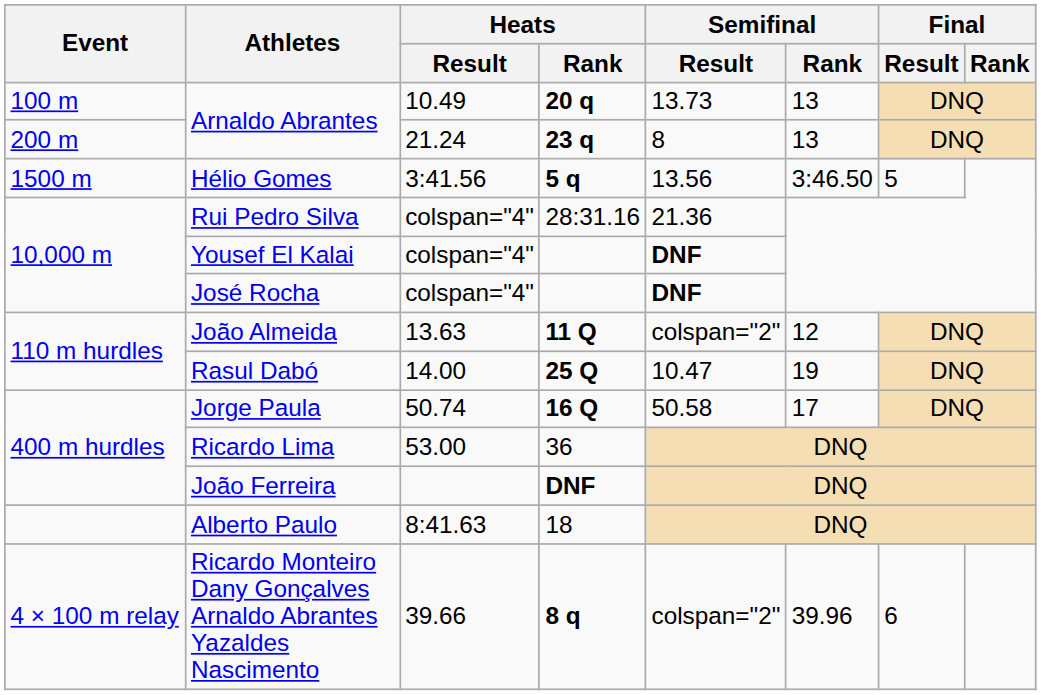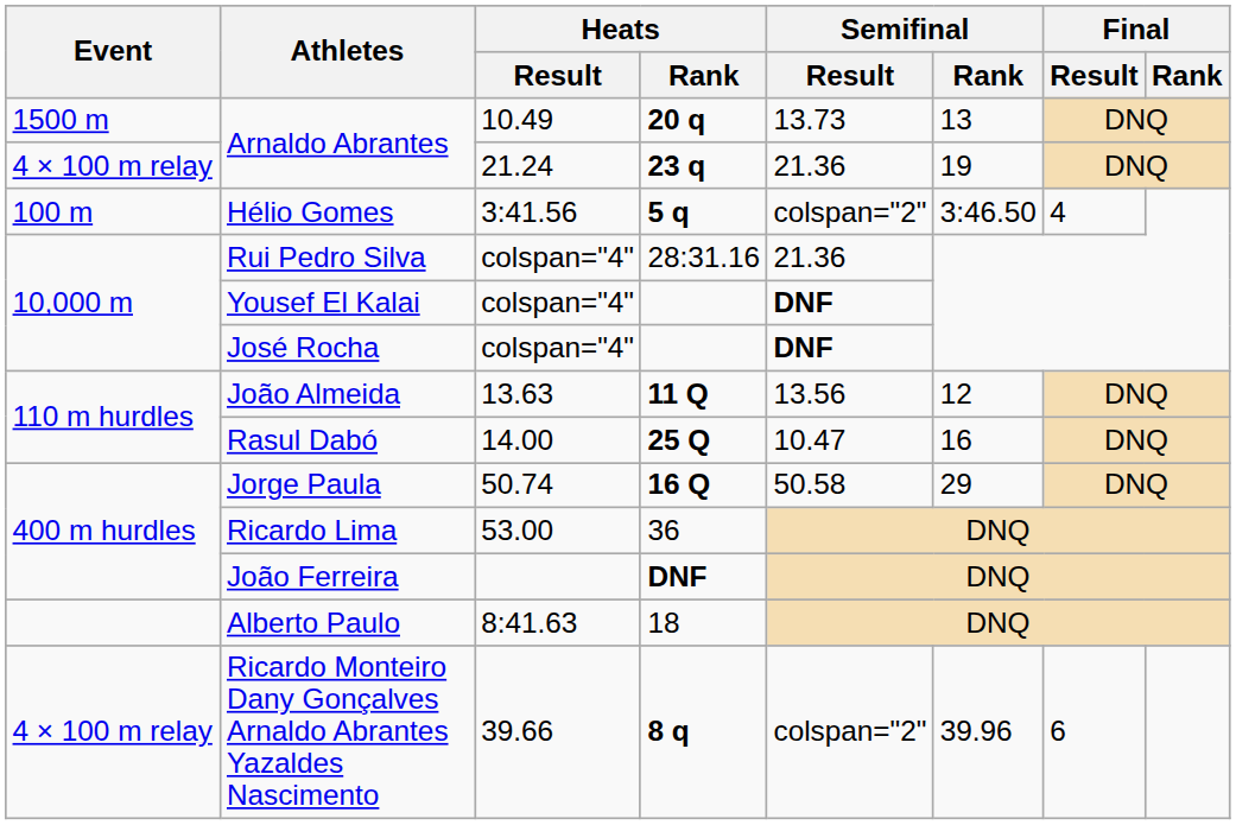 <table class="wikitable" border="1" style="font-size:90%">
 <tr>
 <th rowspan="2" width=100>Event</th>
 <th rowspan="2" width=120>Athletes</th>
 <th colspan="2">Heats</th>
 <th colspan="2">Semifinal</th>
 <th colspan="2">Final</th>
 </tr>
 <tr>
 <th>Result</th>
 <th>Rank</th>
 <th>Result</th>
 <th>Rank</th>
 <th>Result</th>
 <th>Rank</th>
 </tr>
 <tr>
-<td><a href='#'>100 m</a></td>
+<td><a href='#'>1500 m</a></td>
 <td rowspan="2"><a href='#'>Arnaldo Abrantes</a></td>
 <td>10.49</td>
 <td><strong>20 q</strong></td>
 <td>13.73</td>
 <td>13</td>
 <td colspan="2" align=center bgcolor="wheat">DNQ</td>
 </tr>
 <tr>
-<td><a href='#'>200 m</a></td>
+<td><a href='#'>4 × 100 m relay</a></td>
 <td>21.24</td>
 <td><strong>23 q</strong></td>
-<td>8</td>
-<td>13</td>
+<td>21.36</td>
+<td>19</td>
 <td colspan="2" align=center bgcolor="wheat">DNQ</td>
 </tr>
 <tr>
-<td><a href='#'>1500 m</a></td>
+<td><a href='#'>100 m</a></td>
 <td><a href='#'>Hélio Gomes</a></td>
 <td>3:41.56</td>
 <td><strong>5 q</strong></td>
-<td>13.56</td>
+<td>colspan="2" </td>
 <td>3:46.50</td>
-<td>5</td>
+<td>4</td>
 </tr>
 <tr>
 <td rowspan="3"><a href='#'>10,000 m</a></td>
 <td><a href='#'>Rui Pedro Silva</a></td>
 <td>colspan="4" </td>
 <td>28:31.16</td>
 <td>21.36</td>
 </tr>
 <tr>
 <td><a href='#'>Yousef El Kalai</a></td>
 <td>colspan="4" </td>
 <td></td>
 <td><strong>DNF</strong></td>
 </tr>
 <tr>
 <td><a href='#'>José Rocha</a></td>
 <td>colspan="4" </td>
 <td></td>
 <td><strong>DNF</strong></td>
 </tr>
 <tr>
 <td rowspan="2"><a href='#'>110 m hurdles</a></td>
 <td><a href='#'>João Almeida</a></td>
 <td>13.63</td>
 <td><strong>11 Q</strong></td>
-<td>colspan="2" </td>
+<td>13.56</td>
 <td>12</td>
 <td colspan="2" align=center bgcolor="wheat">DNQ</td>
 </tr>
 <tr>
 <td><a href='#'>Rasul Dabó</a></td>
 <td>14.00</td>
 <td><strong>25 Q</strong></td>
 <td>10.47</td>
-<td>19</td>
+<td>16</td>
 <td colspan="2" align=center bgcolor="wheat">DNQ</td>
 </tr>
 <tr>
 <td rowspan="3"><a href='#'>400 m hurdles</a></td>
 <td><a href='#'>Jorge Paula</a></td>
 <td>50.74</td>
 <td><strong>16 Q</strong></td>
 <td>50.58</td>
-<td>17</td>
+<td>29</td>
 <td colspan="2" align=center bgcolor="wheat">DNQ</td>
 </tr>
 <tr>
 <td><a href='#'>Ricardo Lima</a></td>
 <td>53.00</td>
 <td>36</td>
 <td colspan="4" align=center bgcolor="wheat">DNQ</td>
 </tr>
 <tr>
 <td><a href='#'>João Ferreira</a></td>
 <td></td>
 <td><strong>DNF</strong></td>
 <td colspan="4" align=center bgcolor="wheat">DNQ</td>
 </tr>
 <tr>
 <td></td>
 <td><a href='#'>Alberto Paulo</a></td>
 <td>8:41.63</td>
 <td>18</td>
 <td colspan="4" align=center bgcolor="wheat">DNQ</td>
 </tr>
 <tr>
 <td><a href='#'>4 × 100 m relay</a></td>
 <td><a href='#'>Ricardo Monteiro</a><br><a href='#'>Dany Gonçalves</a><br><a href='#'>Arnaldo Abrantes</a><br><a href='#'>Yazaldes Nascimento</a></td>
 <td>39.66</td>
 <td><strong>8 q</strong></td>
 <td>colspan="2" </td>
 <td>39.96</td>
 <td>6</td>
 </tr>
 </table>
